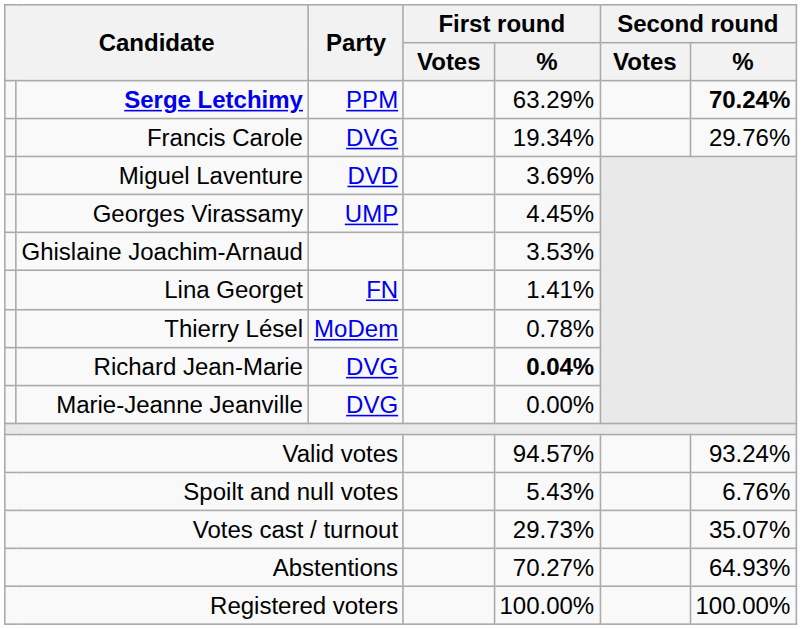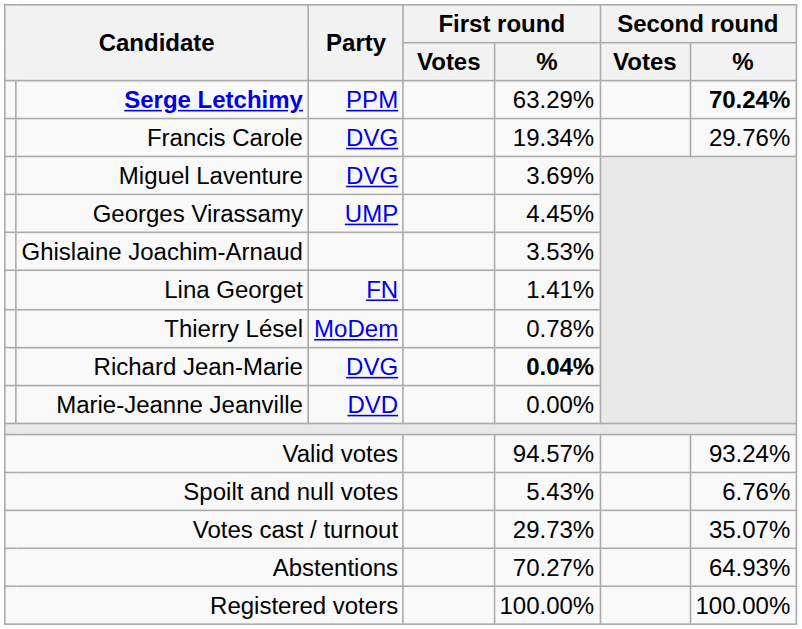 <table class="wikitable" style="text-align:right;font-size:95%;">
 <tr>
 <th rowspan=2 colspan=2>Candidate</th>
 <th rowspan=2 colspan=1>Party</th>
 <th colspan=2>First round</th>
 <th colspan=2>Second round</th>
 </tr>
 <tr>
 <th style="width:50px;">Votes</th>
 <th style="width:55px;">%</th>
 <th style="width:50px;">Votes</th>
 <th style="width:55px;">%</th>
 </tr>
 <tr>
 <td style="color:inherit;background-color:"></td>
 <td><strong><a href='#'>Serge Letchimy</a></strong></td>
 <td><a href='#'>PPM</a></td>
 <td></td>
 <td>63.29%</td>
 <td><strong></strong></td>
 <td><strong>70.24%</strong></td>
 </tr>
 <tr>
 <td style="color:inherit;background-color:"></td>
 <td>Francis Carole</td>
 <td><a href='#'>DVG</a></td>
 <td></td>
 <td>19.34%</td>
 <td></td>
 <td>29.76%</td>
 </tr>
 <tr>
 <td style="color:inherit;background-color:"></td>
 <td>Miguel Laventure</td>
-<td><a href='#'>DVD</a></td>
+<td><a href='#'>DVG</a></td>
 <td></td>
 <td>3.69%</td>
 <td colspan=7 rowspan=7 style="background-color:#E9E9E9;"></td>
 </tr>
 <tr>
 <td style="color:inherit;background-color:"></td>
 <td>Georges Virassamy</td>
 <td><a href='#'>UMP</a></td>
 <td></td>
 <td>4.45%</td>
 </tr>
 <tr>
 <td style="color:inherit;background-color:"></td>
 <td>Ghislaine Joachim-Arnaud</td>
 <td></td>
 <td></td>
 <td>3.53%</td>
 </tr>
 <tr>
 <td style="color:inherit;background-color:"></td>
 <td>Lina Georget</td>
 <td><a href='#'>FN</a></td>
 <td></td>
 <td>1.41%</td>
 </tr>
 <tr>
 <td style="color:inherit;background-color:"></td>
 <td>Thierry Lésel</td>
 <td><a href='#'>MoDem</a></td>
 <td></td>
 <td>0.78%</td>
 </tr>
 <tr>
 <td style="color:inherit;background-color:"></td>
 <td>Richard Jean-Marie</td>
 <td><a href='#'>DVG</a></td>
 <td></td>
 <td><strong>0.04%</strong></td>
 </tr>
 <tr>
 <td style="color:inherit;background-color:"></td>
 <td>Marie-Jeanne Jeanville</td>
-<td><a href='#'>DVG</a></td>
+<td><a href='#'>DVD</a></td>
 <td></td>
 <td>0.00%</td>
 </tr>
 <tr>
 <td colspan=7 style="background-color:#E9E9E9;"></td>
 </tr>
 <tr>
 <td colspan=3>Valid votes</td>
 <td></td>
 <td>94.57%</td>
 <td></td>
 <td>93.24%</td>
 </tr>
 <tr>
 <td colspan=3>Spoilt and null votes</td>
 <td></td>
 <td>5.43%</td>
 <td></td>
 <td>6.76%</td>
 </tr>
 <tr>
 <td colspan=3>Votes cast / turnout</td>
 <td></td>
 <td>29.73%</td>
 <td></td>
 <td>35.07%</td>
 </tr>
 <tr>
 <td colspan=3>Abstentions</td>
 <td></td>
 <td>70.27%</td>
 <td></td>
 <td>64.93%</td>
 </tr>
 <tr>
 <td colspan=3>Registered voters</td>
 <td></td>
 <td>100.00%</td>
 <td></td>
 <td>100.00%</td>
 </tr>
 </table>
